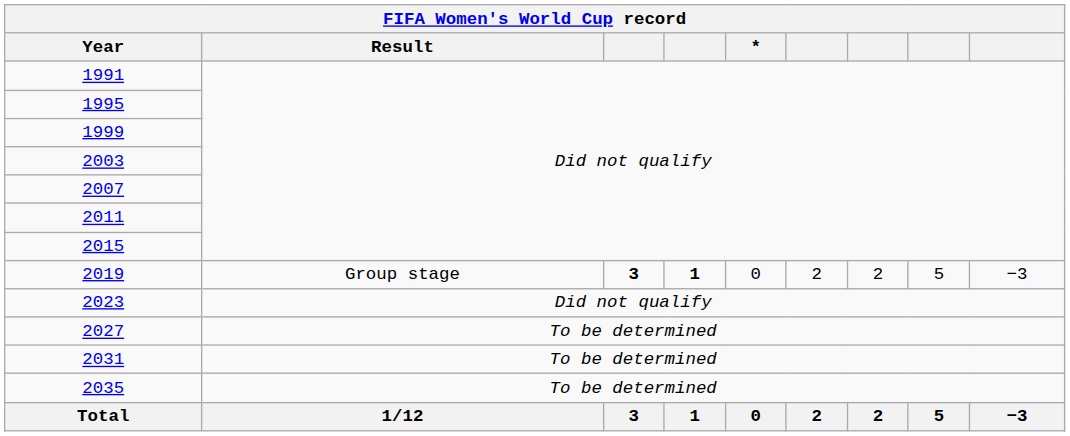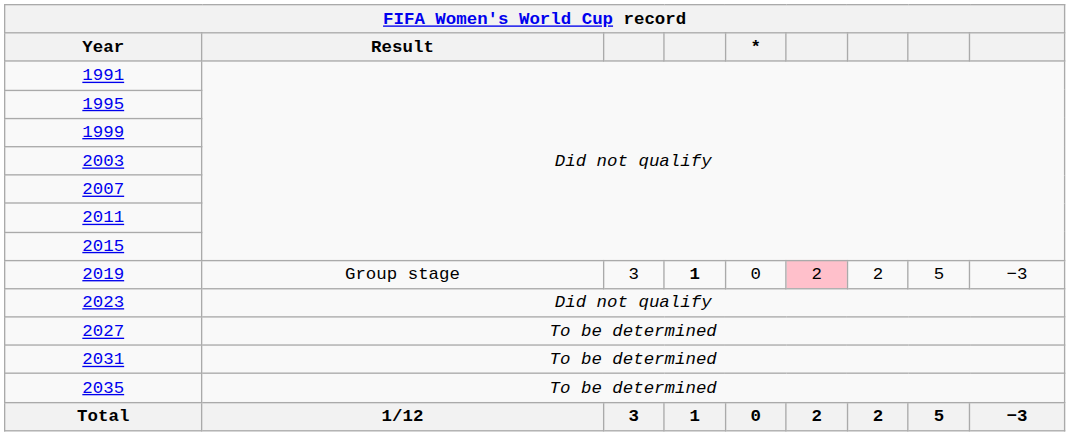 <table class="wikitable" style="text-align: center; width:50%;">
 <tr>
 <th colspan=9><a href='#'>FIFA Women's World Cup</a> record</th>
 </tr>
 <tr>
 <th>Year</th>
 <th>Result</th>
 <th></th>
 <th></th>
 <th>*</th>
 <th></th>
 <th></th>
 <th></th>
 <th></th>
 </tr>
 <tr>
 <td> <a href='#'>1991</a></td>
 <td rowspan=7 colspan=8><em>Did not qualify</em></td>
 </tr>
 <tr>
 <td> <a href='#'>1995</a></td>
 </tr>
 <tr>
 <td> <a href='#'>1999</a></td>
 </tr>
 <tr>
 <td> <a href='#'>2003</a></td>
 </tr>
 <tr>
 <td> <a href='#'>2007</a></td>
 </tr>
 <tr>
 <td> <a href='#'>2011</a></td>
 </tr>
 <tr>
 <td> <a href='#'>2015</a></td>
 </tr>
 <tr>
 <td> <a href='#'>2019</a></td>
 <td>Group stage</td>
-<td><strong>3</strong></td>
+<td>3</td>
 <td><strong>1</strong></td>
 <td>0</td>
-<td>2</td>
+<td style="background: pink;">2</td>
 <td>2</td>
 <td>5</td>
 <td>−3</td>
 </tr>
 <tr>
 <td>  <a href='#'>2023</a></td>
 <td colspan=8><em>Did not qualify</em></td>
 </tr>
 <tr>
 <td> <a href='#'>2027</a></td>
 <td colspan=8><em>To be determined</em></td>
 </tr>
 <tr>
 <td> <a href='#'>2031</a></td>
 <td colspan=8><em>To be determined</em></td>
 </tr>
 <tr>
 <td> <a href='#'>2035</a></td>
 <td colspan=8><em>To be determined</em></td>
 </tr>
 <tr>
 <th><strong>Total</strong></th>
 <th>1/12</th>
 <th>3</th>
 <th>1</th>
 <th>0</th>
 <th>2</th>
 <th>2</th>
 <th>5</th>
 <th>−3</th>
 </tr>
 </table>
